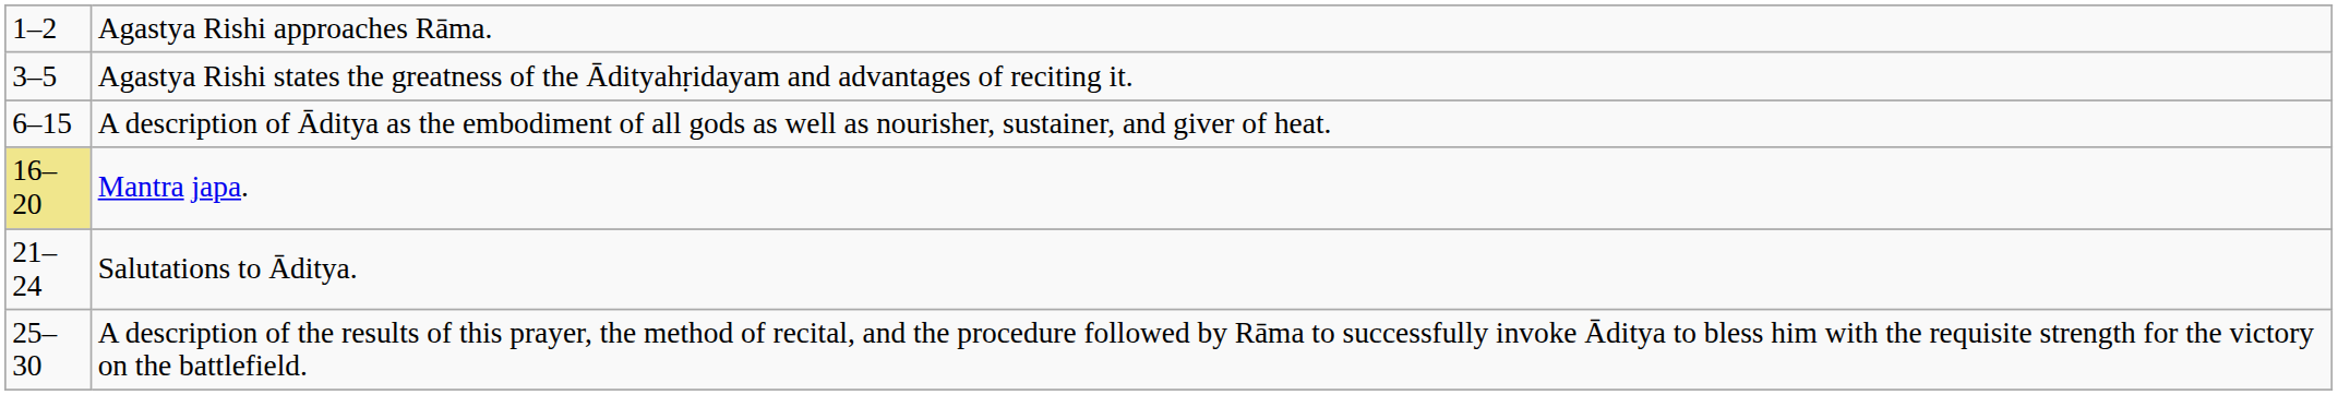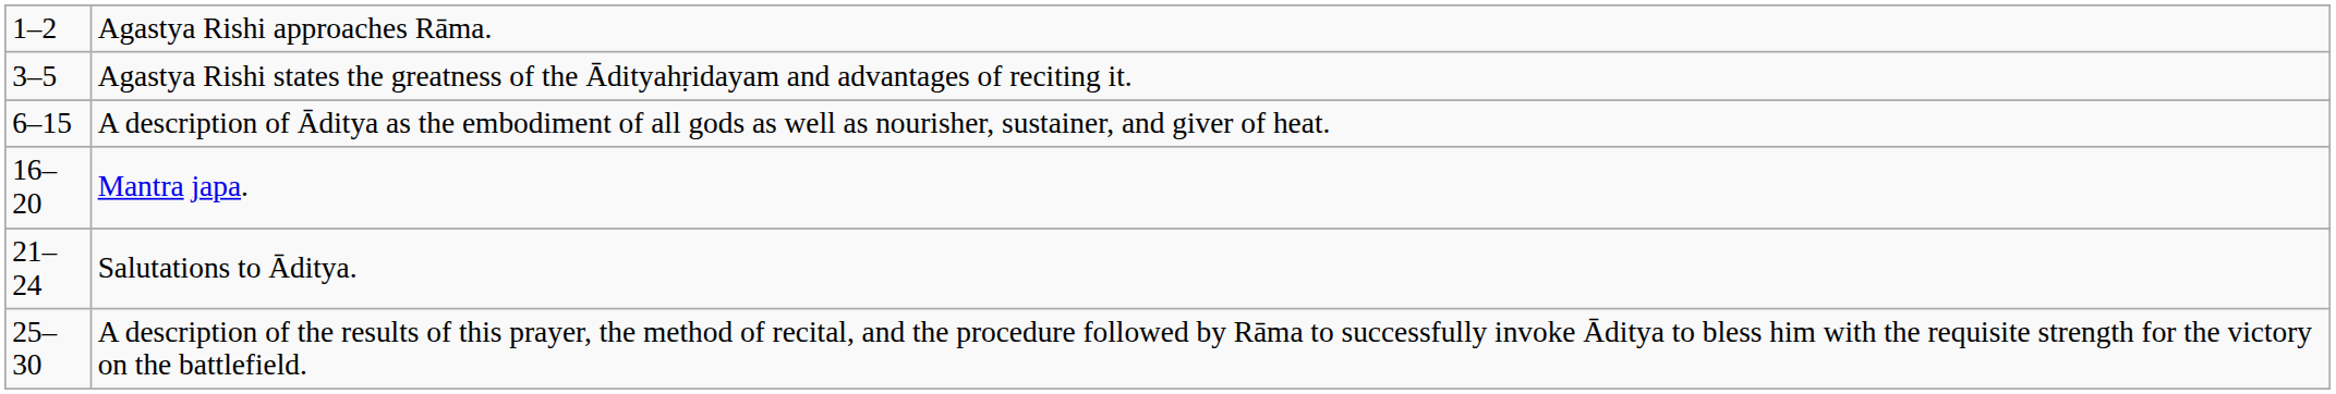 <table class="wikitable">
 <tr>
 <td>1–2</td>
 <td>Agastya Rishi approaches Rāma.</td>
 </tr>
 <tr>
 <td>3–5</td>
 <td>Agastya Rishi states the greatness of the Ādityahṛidayam and advantages of reciting it.</td>
 </tr>
 <tr>
 <td>6–15</td>
 <td>A description of Āditya as the embodiment of all gods as well as nourisher, sustainer, and giver of heat.</td>
 </tr>
 <tr>
-<td style="background: khaki;">16–20</td>
+<td>16–20</td>
 <td><a href='#'>Mantra</a> <a href='#'>japa</a>.</td>
 </tr>
 <tr>
 <td>21–24</td>
 <td>Salutations to Āditya.</td>
 </tr>
 <tr>
 <td>25–30</td>
 <td>A description of the results of this prayer, the method of recital, and the procedure followed by Rāma to successfully invoke Āditya to bless him with the requisite strength for the victory on the battlefield.</td>
 </tr>
 </table>
